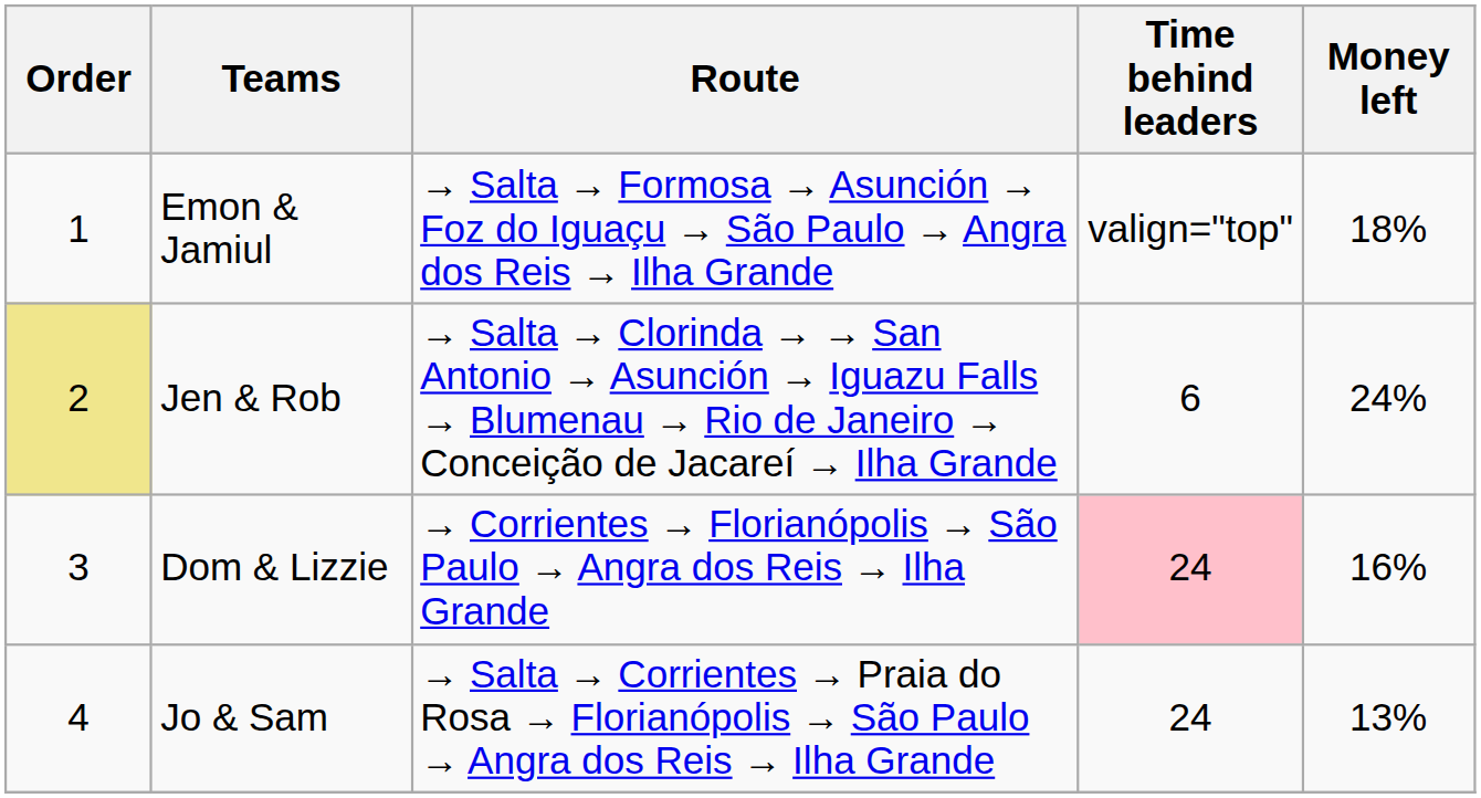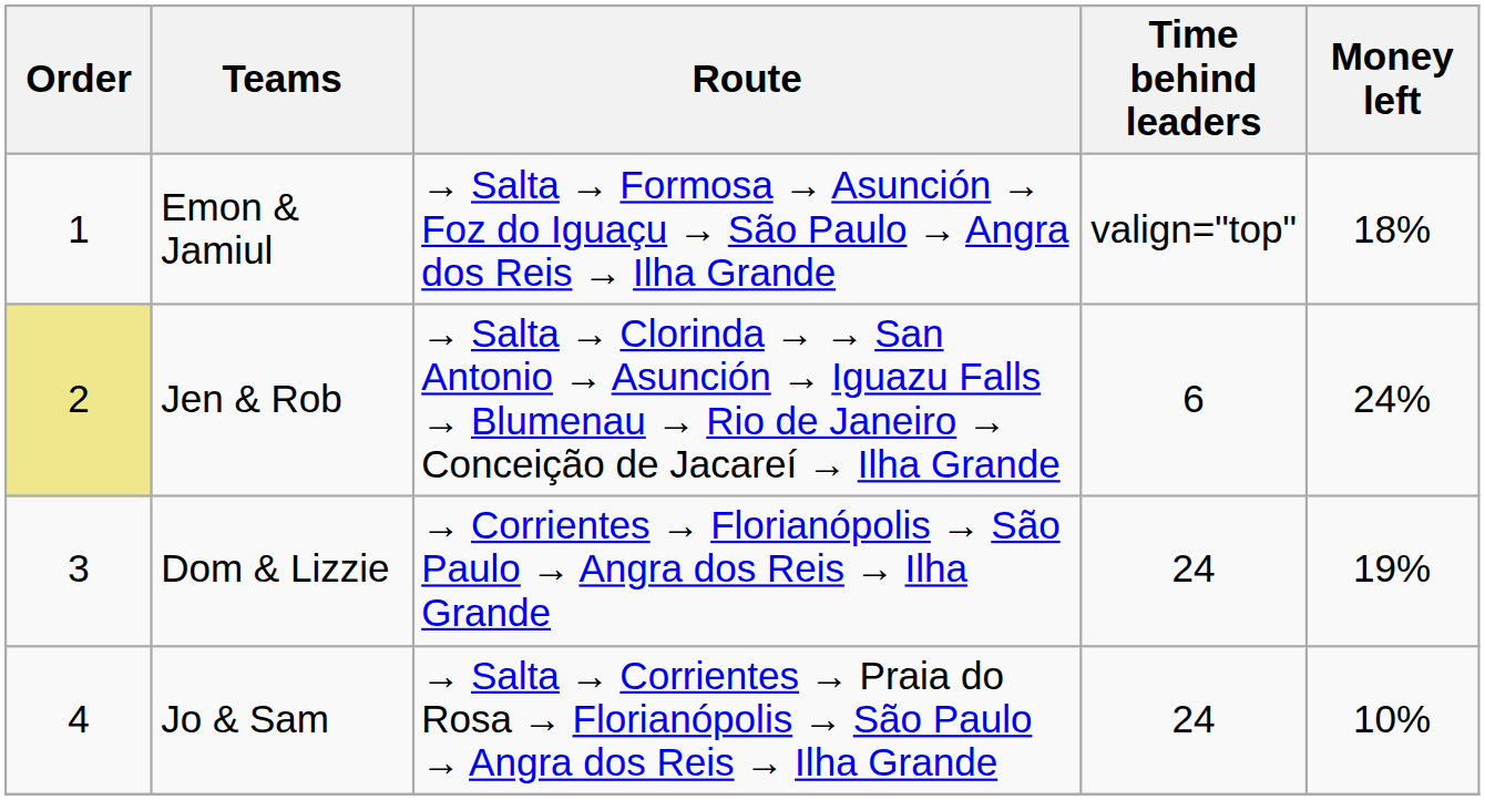 <table class="wikitable sortable" style="text-align:center">
 <tr>
 <th style="width:4em">Order</th>
 <th style="width:10em">Teams</th>
 <th style="width:30em">Route</th>
 <th style="width:5em">Time behind leaders</th>
 <th style="width:5em">Money left</th>
 </tr>
 <tr>
 <td>1</td>
 <td style="text-align:left">Emon & Jamiul</td>
 <td style="text-align:left"> → <a href='#'>Salta</a>  → <a href='#'>Formosa</a>  → <a href='#'>Asunción</a>    → <a href='#'>Foz do Iguaçu</a>  → <a href='#'>São Paulo</a>  → <a href='#'>Angra dos Reis</a>  → <a href='#'>Ilha Grande</a></td>
 <td>valign="top" </td>
 <td>18%</td>
 </tr>
 <tr>
 <td style="background: khaki;">2</td>
 <td style="text-align:left">Jen & Rob</td>
 <td style="text-align:left"> → <a href='#'>Salta</a>  → <a href='#'>Clorinda</a>  →  → <a href='#'>San Antonio</a>  → <a href='#'>Asunción</a> → <a href='#'>Iguazu Falls</a>   → <a href='#'>Blumenau</a>   → <a href='#'>Rio de Janeiro</a> → Conceição de Jacareí  → <a href='#'>Ilha Grande</a></td>
 <td>6</td>
 <td>24%</td>
 </tr>
 <tr>
 <td>3</td>
 <td style="text-align:left">Dom & Lizzie</td>
 <td style="text-align:left"> → <a href='#'>Corrientes</a>  → <a href='#'>Florianópolis</a> → <a href='#'>São Paulo</a> → <a href='#'>Angra dos Reis</a>  →  <a href='#'>Ilha Grande</a></td>
-<td style="background: pink;">24</td>
-<td>16%</td>
+<td>24</td>
+<td>19%</td>
 </tr>
 <tr>
 <td>4</td>
 <td style="text-align:left">Jo & Sam</td>
 <td style="text-align:left"> → <a href='#'>Salta</a> → <a href='#'>Corrientes</a> → Praia do Rosa  → <a href='#'>Florianópolis</a>  → <a href='#'>São Paulo</a> → <a href='#'>Angra dos Reis</a>  →  <a href='#'>Ilha Grande</a></td>
 <td>24</td>
-<td>13%</td>
+<td>10%</td>
 </tr>
 <tr>
 </tr>
 </table>
